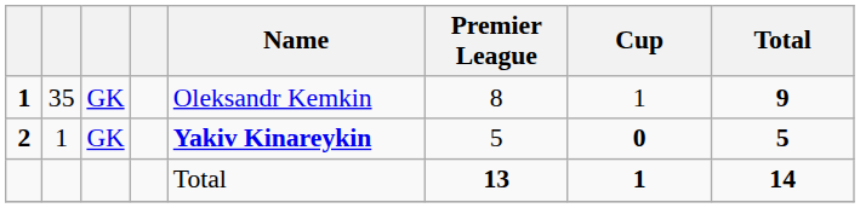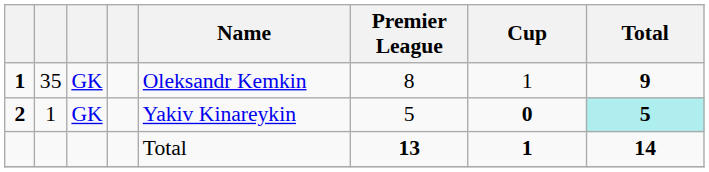 <table class="wikitable" style="text-align:center">
 <tr>
 <th width=15></th>
 <th width=15></th>
 <th width=15></th>
 <th width=15></th>
 <th width=150>Name</th>
 <th width=80><strong>Premier League</strong></th>
 <th width=80><strong>Cup</strong></th>
 <th width=80>Total</th>
 </tr>
 <tr>
 <td><strong>1</strong></td>
 <td>35</td>
 <td><a href='#'>GK</a></td>
 <td></td>
 <td align=left><a href='#'>Oleksandr Kemkin</a></td>
 <td>8</td>
 <td>1</td>
 <td><strong>9</strong></td>
 </tr>
 <tr>
 <td><strong>2</strong></td>
 <td>1</td>
 <td><a href='#'>GK</a></td>
 <td></td>
-<td align=left><strong><a href='#'>Yakiv Kinareykin</a></strong></td>
+<td align=left><a href='#'>Yakiv Kinareykin</a></td>
 <td>5</td>
 <td><strong>0</strong></td>
-<td><strong>5</strong></td>
+<td style="background: paleturquoise;"><strong>5</strong></td>
 </tr>
 <tr>
 <td></td>
 <td></td>
 <td></td>
 <td></td>
 <td align=left>Total</td>
 <td><strong>13</strong></td>
 <td><strong>1</strong></td>
 <td><strong>14</strong></td>
 </tr>
 <tr>
 </tr>
 </table>
